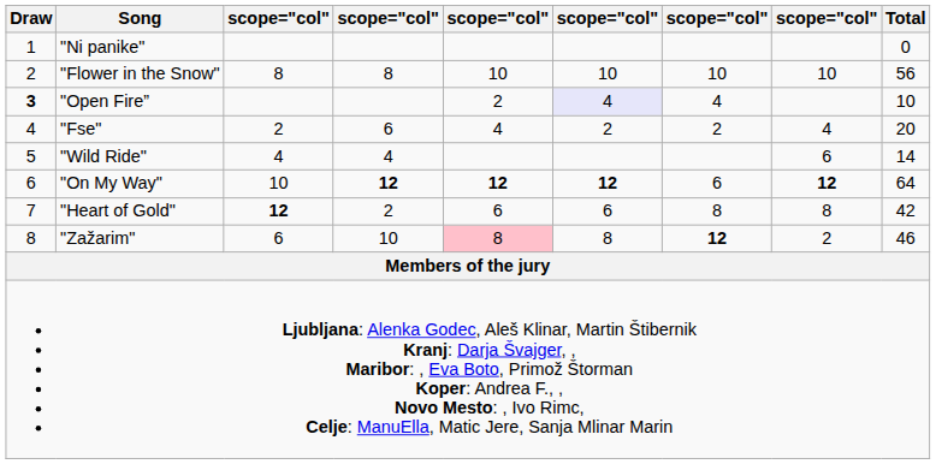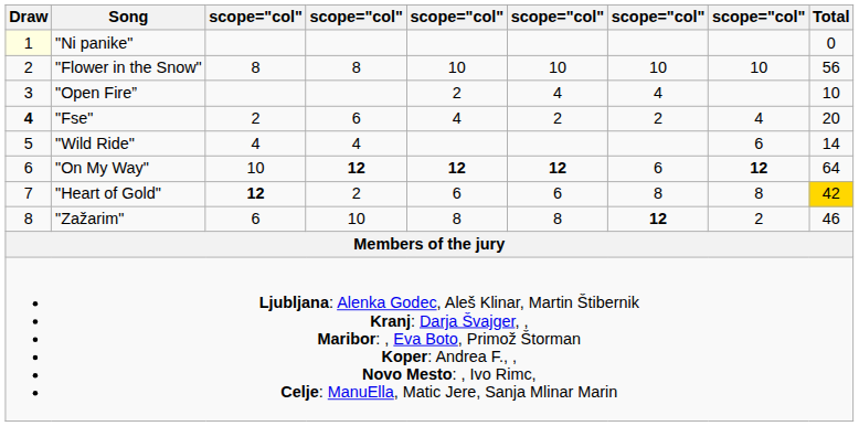 <table class="wikitable collapsible" style="margin: 1em auto 1em auto; text-align:center;">
 <tr>
 <th>Draw</th>
 <th>Song</th>
 <th>scope="col" </th>
 <th>scope="col" </th>
 <th>scope="col" </th>
 <th>scope="col" </th>
 <th>scope="col" </th>
 <th>scope="col" </th>
 <th>Total</th>
 </tr>
 <tr>
-<td>1</td>
+<td style="background: lightyellow;">1</td>
 <td align="left">"Ni panike"</td>
 <td></td>
 <td></td>
 <td></td>
 <td></td>
 <td></td>
 <td></td>
 <td>0</td>
 </tr>
 <tr>
 <td>2</td>
 <td align="left">"Flower in the Snow"</td>
 <td>8</td>
 <td>8</td>
 <td>10</td>
 <td>10</td>
 <td>10</td>
 <td>10</td>
 <td>56</td>
 </tr>
 <tr>
-<td><strong>3</strong></td>
+<td>3</td>
 <td align="left">"Open Fire”</td>
 <td></td>
 <td></td>
 <td>2</td>
-<td style="background: lavender;">4</td>
+<td>4</td>
 <td>4</td>
 <td></td>
 <td>10</td>
 </tr>
 <tr>
-<td>4</td>
+<td><strong>4</strong></td>
 <td align="left">"Fse"</td>
 <td>2</td>
 <td>6</td>
 <td>4</td>
 <td>2</td>
 <td>2</td>
 <td>4</td>
 <td>20</td>
 </tr>
 <tr>
 <td>5</td>
 <td align="left">"Wild Ride"</td>
 <td>4</td>
 <td>4</td>
 <td></td>
 <td></td>
 <td></td>
 <td>6</td>
 <td>14</td>
 </tr>
 <tr>
 <td>6</td>
 <td align="left">"On My Way"</td>
 <td>10</td>
 <td><strong>12</strong></td>
 <td><strong>12</strong></td>
 <td><strong>12</strong></td>
 <td>6</td>
 <td><strong>12</strong></td>
 <td>64</td>
 </tr>
 <tr>
 <td>7</td>
 <td align="left">"Heart of Gold"</td>
 <td><strong>12</strong></td>
 <td>2</td>
 <td>6</td>
 <td>6</td>
 <td>8</td>
 <td>8</td>
-<td>42</td>
+<td style="background: gold;">42</td>
 </tr>
 <tr>
 <td>8</td>
 <td align="left">"Zažarim"</td>
 <td>6</td>
 <td>10</td>
-<td style="background: pink;">8</td>
+<td>8</td>
 <td>8</td>
 <td><strong>12</strong></td>
 <td>2</td>
 <td>46</td>
 </tr>
 <tr>
 <th colspan="9">Members of the jury</th>
 </tr>
 <tr>
 <td colspan="9"><br><ul><li><strong>Ljubljana</strong>: <a href='#'>Alenka Godec</a>, Aleš Klinar, Martin Štibernik</li><li><strong>Kranj</strong>: <a href='#'>Darja Švajger</a>, , </li><li><strong>Maribor</strong>: , <a href='#'>Eva Boto</a>, Primož Štorman</li><li><strong>Koper</strong>: Andrea F., , </li><li><strong>Novo Mesto</strong>: , Ivo Rimc, </li><li><strong>Celje</strong>: <a href='#'>ManuElla</a>, Matic Jere, Sanja Mlinar Marin</li></ul></td>
 </tr>
 </table>
